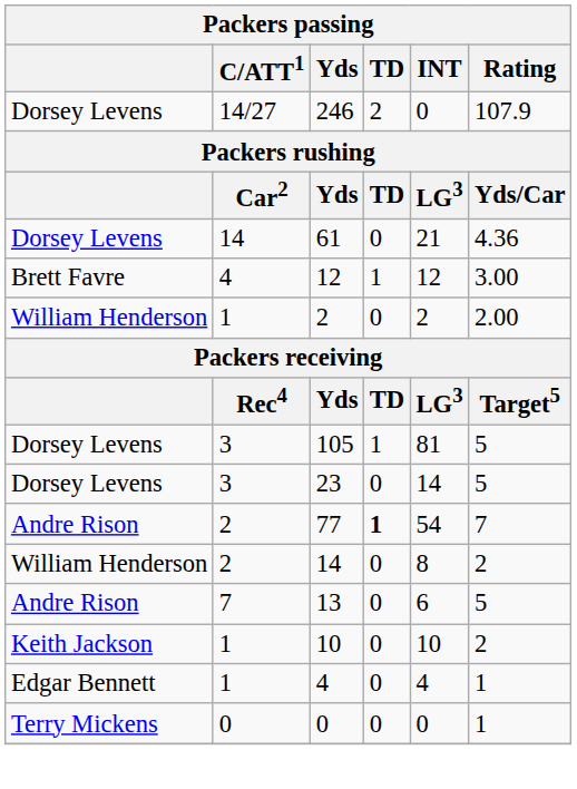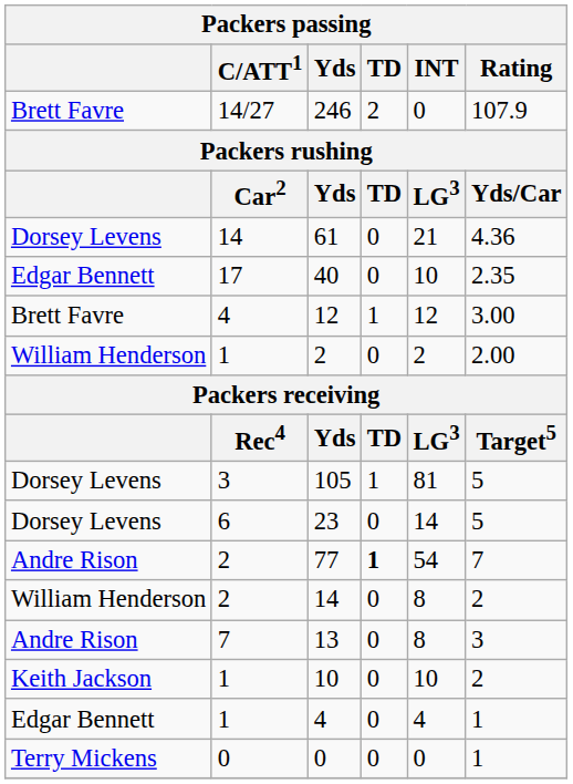 <table class="wikitable">
 <tr>
 <th colspan="6">Packers passing</th>
 </tr>
 <tr>
 <th></th>
 <th>C/ATT<sup>1</sup></th>
 <th>Yds</th>
 <th>TD</th>
 <th>INT</th>
 <th>Rating</th>
 </tr>
 <tr>
-<td>Dorsey Levens</td>
+<td><a href='#'>Brett Favre</a></td>
 <td>14/27</td>
 <td>246</td>
 <td>2</td>
 <td>0</td>
 <td>107.9</td>
 </tr>
 <tr>
 <th colspan="6">Packers rushing</th>
 </tr>
 <tr>
 <th></th>
 <th>Car<sup>2</sup></th>
 <th>Yds</th>
 <th>TD</th>
 <th>LG<sup>3</sup></th>
 <th>Yds/Car</th>
 </tr>
 <tr>
 <td><a href='#'>Dorsey Levens</a></td>
 <td>14</td>
 <td>61</td>
 <td>0</td>
 <td>21</td>
 <td>4.36</td>
+</tr>
+<tr>
+<td><a href='#'>Edgar Bennett</a></td>
+<td>17</td>
+<td>40</td>
+<td>0</td>
+<td>10</td>
+<td>2.35</td>
 </tr>
 <tr>
 <td>Brett Favre</td>
 <td>4</td>
 <td>12</td>
 <td>1</td>
 <td>12</td>
 <td>3.00</td>
 </tr>
 <tr>
 <td><a href='#'>William Henderson</a></td>
 <td>1</td>
 <td>2</td>
 <td>0</td>
 <td>2</td>
 <td>2.00</td>
 </tr>
 <tr>
 <th colspan="6">Packers receiving</th>
 </tr>
 <tr>
 <th></th>
 <th>Rec<sup>4</sup></th>
 <th>Yds</th>
 <th>TD</th>
 <th>LG<sup>3</sup></th>
 <th>Target<sup>5</sup></th>
 </tr>
 <tr>
 <td>Dorsey Levens</td>
 <td>3</td>
 <td>105</td>
 <td>1</td>
 <td>81</td>
 <td>5</td>
 </tr>
 <tr>
 <td>Dorsey Levens</td>
-<td>3</td>
+<td>6</td>
 <td>23</td>
 <td>0</td>
 <td>14</td>
 <td>5</td>
 </tr>
 <tr>
 <td><a href='#'>Andre Rison</a></td>
 <td>2</td>
 <td>77</td>
 <td><strong>1</strong></td>
 <td>54</td>
 <td>7</td>
 </tr>
 <tr>
 <td>William Henderson</td>
 <td>2</td>
 <td>14</td>
 <td>0</td>
 <td>8</td>
 <td>2</td>
 </tr>
 <tr>
 <td><a href='#'>Andre Rison</a></td>
 <td>7</td>
 <td>13</td>
 <td>0</td>
-<td>6</td>
-<td>5</td>
+<td>8</td>
+<td>3</td>
 </tr>
 <tr>
 <td><a href='#'>Keith Jackson</a></td>
 <td>1</td>
 <td>10</td>
 <td>0</td>
 <td>10</td>
 <td>2</td>
 </tr>
 <tr>
 <td>Edgar Bennett</td>
 <td>1</td>
 <td>4</td>
 <td>0</td>
 <td>4</td>
 <td>1</td>
 </tr>
 <tr>
 <td><a href='#'>Terry Mickens</a></td>
 <td>0</td>
 <td>0</td>
 <td>0</td>
 <td>0</td>
 <td>1</td>
 </tr>
 <tr>
 </tr>
 </table>
